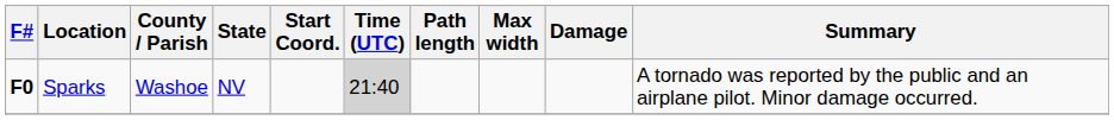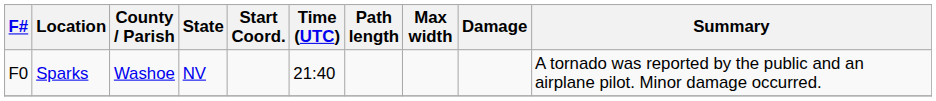 <table class="wikitable sortable" style="width:100%;">
 <tr>
 <th scope="col"  style="width:3%; text-align:center;"><a href='#'>F#</a></th>
 <th scope="col"  style="width:7%; text-align:center;" class="unsortable">Location</th>
 <th scope="col"  style="width:6%; text-align:center;" class="unsortable">County / Parish</th>
 <th scope="col"  style="width:5%; text-align:center;">State</th>
 <th scope="col"  style="width:6%; text-align:center;">Start Coord.</th>
 <th scope="col"  style="width:6%; text-align:center;">Time (<a href='#'>UTC</a>)</th>
 <th scope="col"  style="width:6%; text-align:center;">Path length</th>
 <th scope="col"  style="width:6%; text-align:center;">Max width</th>
 <th scope="col"  style="width:6%; text-align:center;">Damage</th>
 <th scope="col" class="unsortable" style="width:48%; text-align:center;">Summary</th>
 </tr>
 <tr>
-<td><strong>F0</strong></td>
+<td>F0</td>
 <td><a href='#'>Sparks</a></td>
 <td><a href='#'>Washoe</a></td>
 <td><a href='#'>NV</a></td>
 <td></td>
-<td style="background: lightgrey;">21:40</td>
+<td>21:40</td>
 <td></td>
 <td></td>
 <td></td>
 <td>A tornado was reported by the public and an airplane pilot. Minor damage occurred.</td>
 </tr>
 <tr>
 </tr>
 </table>
